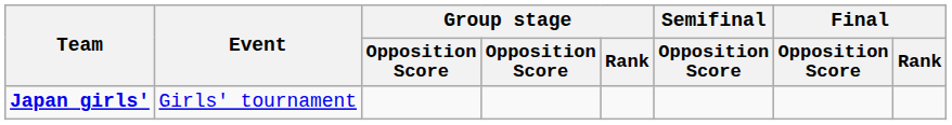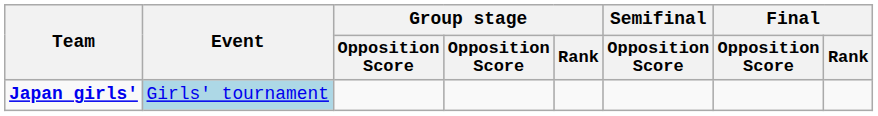 <table class="wikitable" style="font-size:90%">
 <tr>
 <th rowspan=2>Team</th>
 <th rowspan=2>Event</th>
 <th colspan=3>Group stage</th>
 <th>Semifinal</th>
 <th colspan=2>Final</th>
 </tr>
 <tr style="font-size:95%">
 <th>Opposition<br>Score</th>
 <th>Opposition<br>Score</th>
 <th>Rank</th>
 <th>Opposition<br>Score</th>
 <th>Opposition<br>Score</th>
 <th>Rank</th>
 </tr>
 <tr align=center>
 <td align=left><strong><a href='#'>Japan girls'</a></strong></td>
-<td align=left><a href='#'>Girls' tournament</a></td>
+<td align=left style="background: lightblue;"><a href='#'>Girls' tournament</a></td>
 <td></td>
 <td></td>
 <td></td>
 <td></td>
 <td></td>
 <td></td>
 </tr>
 </table>
